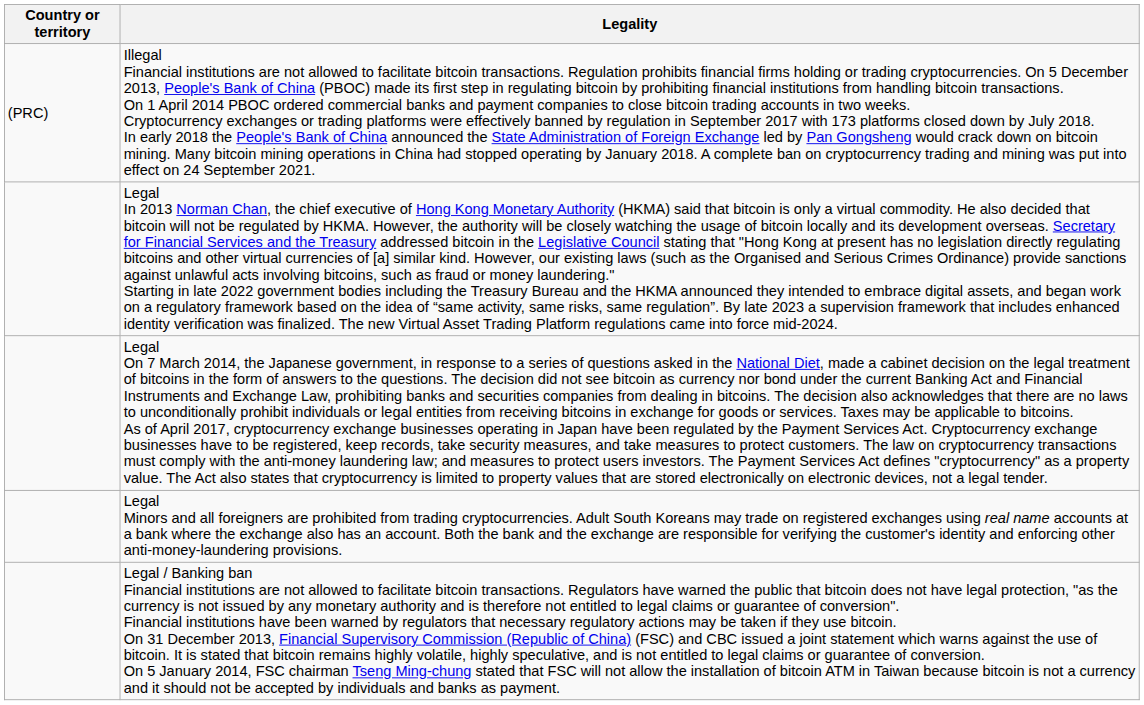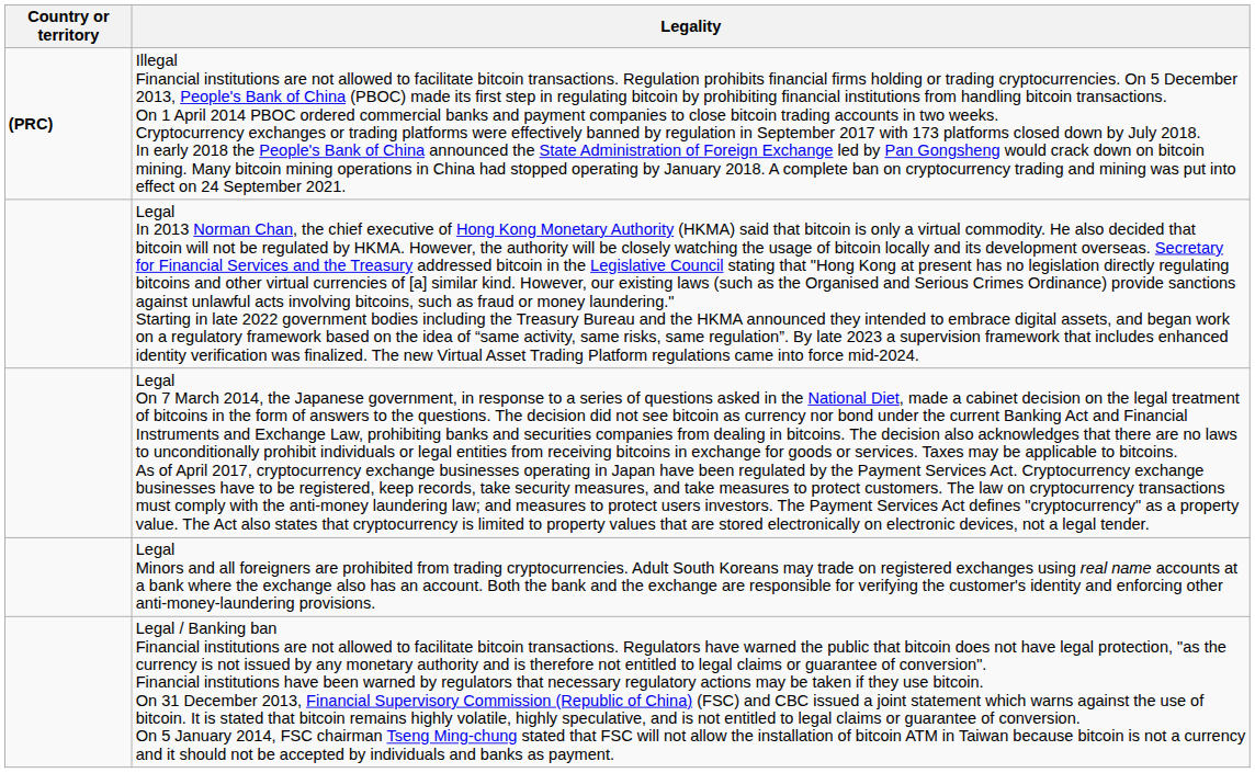 <table class="wikitable sortable" style="text-align:left">
 <tr>
 <th style="width:120px;"><strong>Country or territory</strong></th>
 <th><strong>Legality</strong></th>
 </tr>
 <tr>
-<td> (PRC)</td>
+<td><strong> (PRC)</strong></td>
 <td> Illegal<br>Financial institutions are not allowed to facilitate bitcoin transactions. Regulation prohibits financial firms holding or trading cryptocurrencies. On 5 December 2013, <a href='#'>People's Bank of China</a> (PBOC) made its first step in regulating bitcoin by prohibiting financial institutions from handling bitcoin transactions.<br>On 1 April 2014 PBOC ordered commercial banks and payment companies to close bitcoin trading accounts in two weeks.<br>Cryptocurrency exchanges or trading platforms were effectively banned by regulation in September 2017 with 173 platforms closed down by July 2018.<br>In early 2018 the <a href='#'>People's Bank of China</a> announced the <a href='#'>State Administration of Foreign Exchange</a> led by <a href='#'>Pan Gongsheng</a> would crack down on bitcoin mining. Many bitcoin mining operations in China had stopped operating by January 2018. A complete ban on cryptocurrency trading and mining was put into effect on 24 September 2021.</td>
 </tr>
 <tr>
 <td></td>
 <td> Legal<br>In 2013 <a href='#'>Norman Chan</a>, the chief executive of <a href='#'>Hong Kong Monetary Authority</a> (HKMA) said that bitcoin is only a virtual commodity. He also decided that bitcoin will not be regulated by HKMA. However, the authority will be closely watching the usage of bitcoin locally and its development overseas. <a href='#'>Secretary for Financial Services and the Treasury</a> addressed bitcoin in the <a href='#'>Legislative Council</a> stating that "Hong Kong at present has no legislation directly regulating bitcoins and other virtual currencies of [a] similar kind. However, our existing laws (such as the Organised and Serious Crimes Ordinance) provide sanctions against unlawful acts involving bitcoins, such as fraud or money laundering."<br>Starting in late 2022 government bodies including the Treasury Bureau and the HKMA announced they intended to embrace digital assets, and began work on a regulatory framework based on the idea of “same activity, same risks, same regulation”. By late 2023 a supervision framework that includes enhanced identity verification was finalized. The new Virtual Asset Trading Platform regulations came into force mid-2024.</td>
 </tr>
 <tr>
 <td></td>
 <td> Legal<br>On 7 March 2014, the Japanese government, in response to a series of questions asked in the <a href='#'>National Diet</a>, made a cabinet decision on the legal treatment of bitcoins in the form of answers to the questions. The decision did not see bitcoin as currency nor bond under the current Banking Act and Financial Instruments and Exchange Law, prohibiting banks and securities companies from dealing in bitcoins. The decision also acknowledges that there are no laws to unconditionally prohibit individuals or legal entities from receiving bitcoins in exchange for goods or services. Taxes may be applicable to bitcoins.<br>As of April 2017, cryptocurrency exchange businesses operating in Japan have been regulated by the Payment Services Act. Cryptocurrency exchange businesses have to be registered, keep records, take security measures, and take measures to protect customers. The law on cryptocurrency transactions must comply with the anti-money laundering law; and measures to protect users investors. The Payment Services Act defines "cryptocurrency" as a property value. The Act also states that cryptocurrency is limited to property values that are stored electronically on electronic devices, not a legal tender.</td>
 </tr>
 <tr>
 <td></td>
 <td> Legal<br>Minors and all foreigners are prohibited from trading cryptocurrencies. Adult South Koreans may trade on registered exchanges using <em>real name</em> accounts at a bank where the exchange also has an account. Both the bank and the exchange are responsible for verifying the customer's identity and enforcing other anti-money-laundering provisions.</td>
 </tr>
 <tr>
 <td></td>
 <td> Legal /  Banking ban<br>Financial institutions are not allowed to facilitate bitcoin transactions.  Regulators have warned the public that bitcoin does not have legal protection, "as the currency is not issued by any monetary authority and is therefore not entitled to legal claims or guarantee of conversion".<br>Financial institutions have been warned by regulators that necessary regulatory actions may be taken if they use bitcoin.<br>On 31 December 2013, <a href='#'>Financial Supervisory Commission (Republic of China)</a> (FSC) and CBC issued a joint statement which warns against the use of bitcoin. It is stated that bitcoin remains highly volatile, highly speculative, and is not entitled to legal claims or guarantee of conversion.<br>On 5 January 2014, FSC chairman <a href='#'>Tseng Ming-chung</a> stated that FSC will not allow the installation of bitcoin ATM in Taiwan because bitcoin is not a currency and it should not be accepted by individuals and banks as payment.</td>
 </tr>
 </table>
